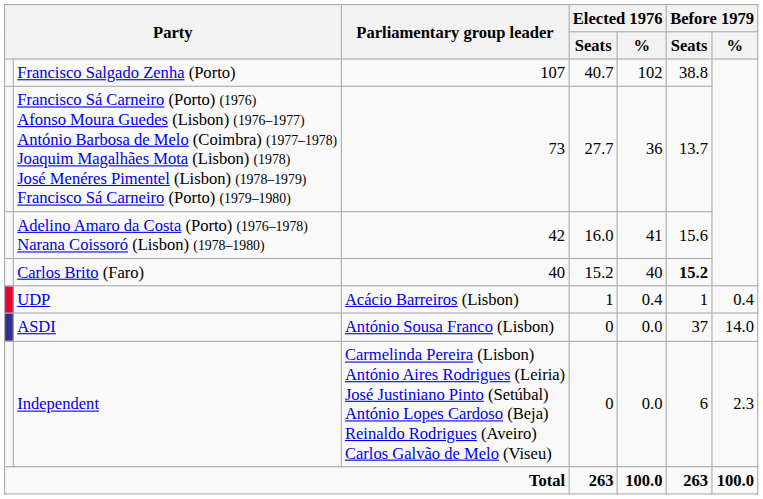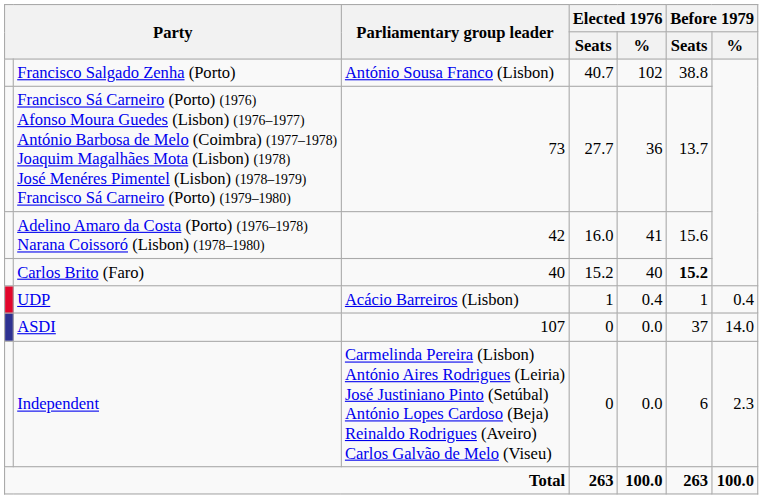 <table class="wikitable" style="text-align:right; font-size:95%;">
 <tr>
 <th colspan="2" rowspan="2">Party</th>
 <th rowspan="2">Parliamentary group leader</th>
 <th colspan="2">Elected 1976</th>
 <th colspan="2">Before 1979</th>
 </tr>
 <tr>
 <th>Seats</th>
 <th>%</th>
 <th>Seats</th>
 <th>%</th>
 </tr>
 <tr>
 <td></td>
 <td align="left"><a href='#'>Francisco Salgado Zenha</a> (Porto)</td>
-<td align="right">107</td>
+<td align="left"><a href='#'>António Sousa Franco</a> (Lisbon)</td>
 <td align="right">40.7</td>
 <td>102</td>
 <td>38.8</td>
 </tr>
 <tr>
 <td></td>
 <td align="left"><a href='#'>Francisco Sá Carneiro</a> (Porto) <small>(1976)</small><br><a href='#'>Afonso Moura Guedes</a> (Lisbon) <small>(1976–1977)</small><br><a href='#'>António Barbosa de Melo</a> (Coimbra) <small>(1977–1978)</small><br><a href='#'>Joaquim Magalhães Mota</a> (Lisbon) <small>(1978)</small><br><a href='#'>José Menéres Pimentel</a> (Lisbon) <small>(1978–1979)</small><br><a href='#'>Francisco Sá Carneiro</a> (Porto) <small>(1979–1980)</small></td>
 <td align="right">73</td>
 <td align="right">27.7</td>
 <td>36</td>
 <td>13.7</td>
 </tr>
 <tr>
 <td></td>
 <td align="left"><a href='#'>Adelino Amaro da Costa</a> (Porto) <small>(1976–1978)</small><br><a href='#'>Narana Coissoró</a> (Lisbon) <small>(1978–1980)</small></td>
 <td align="right">42</td>
 <td align="right">16.0</td>
 <td>41</td>
 <td>15.6</td>
 </tr>
 <tr>
 <td></td>
 <td align="left"><a href='#'>Carlos Brito</a> (Faro)</td>
 <td align="right">40</td>
 <td align="right">15.2</td>
 <td>40</td>
 <td><strong>15.2</strong></td>
 </tr>
 <tr>
 <td style="background:#E2062C;"></td>
 <td style="text-align:left;"><a href='#'>UDP</a></td>
 <td align="left"><a href='#'>Acácio Barreiros</a> (Lisbon)</td>
 <td align="right">1</td>
 <td align="right">0.4</td>
 <td>1</td>
 <td>0.4</td>
 </tr>
 <tr>
 <td style="width:1px; background:#2E3191; text-align:center;"></td>
 <td style="text-align:left;"><a href='#'>ASDI</a></td>
-<td align="left"><a href='#'>António Sousa Franco</a> (Lisbon)</td>
+<td align="right">107</td>
 <td align="right">0</td>
 <td align="right">0.0</td>
 <td>37</td>
 <td>14.0</td>
 </tr>
 <tr>
 <td style="width:1px; background:"></td>
 <td style="text-align:left;"><a href='#'>Independent</a></td>
 <td align="left"><a href='#'>Carmelinda Pereira</a> (Lisbon)<br><a href='#'>António Aires Rodrigues</a> (Leiria)<br><a href='#'>José Justiniano Pinto</a> (Setúbal)<br><a href='#'>António Lopes Cardoso</a> (Beja)<br><a href='#'>Reinaldo Rodrigues</a> (Aveiro)<br><a href='#'>Carlos Galvão de Melo</a> (Viseu)</td>
 <td>0</td>
 <td>0.0</td>
 <td>6</td>
 <td>2.3</td>
 </tr>
 <tr>
 <td colspan="3"> <strong>Total</strong></td>
 <td align="right"><strong>263</strong></td>
 <td align="right"><strong>100.0</strong></td>
 <td><strong>263</strong></td>
 <td><strong>100.0</strong></td>
 </tr>
 </table>
